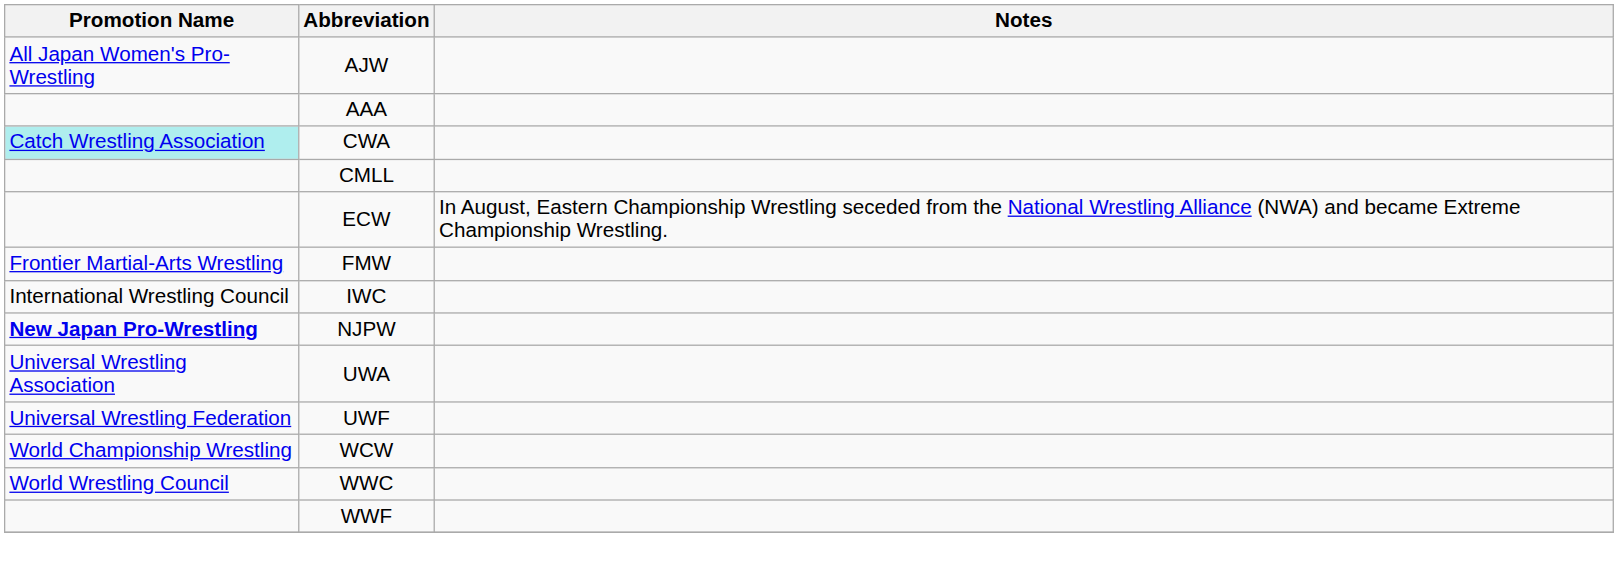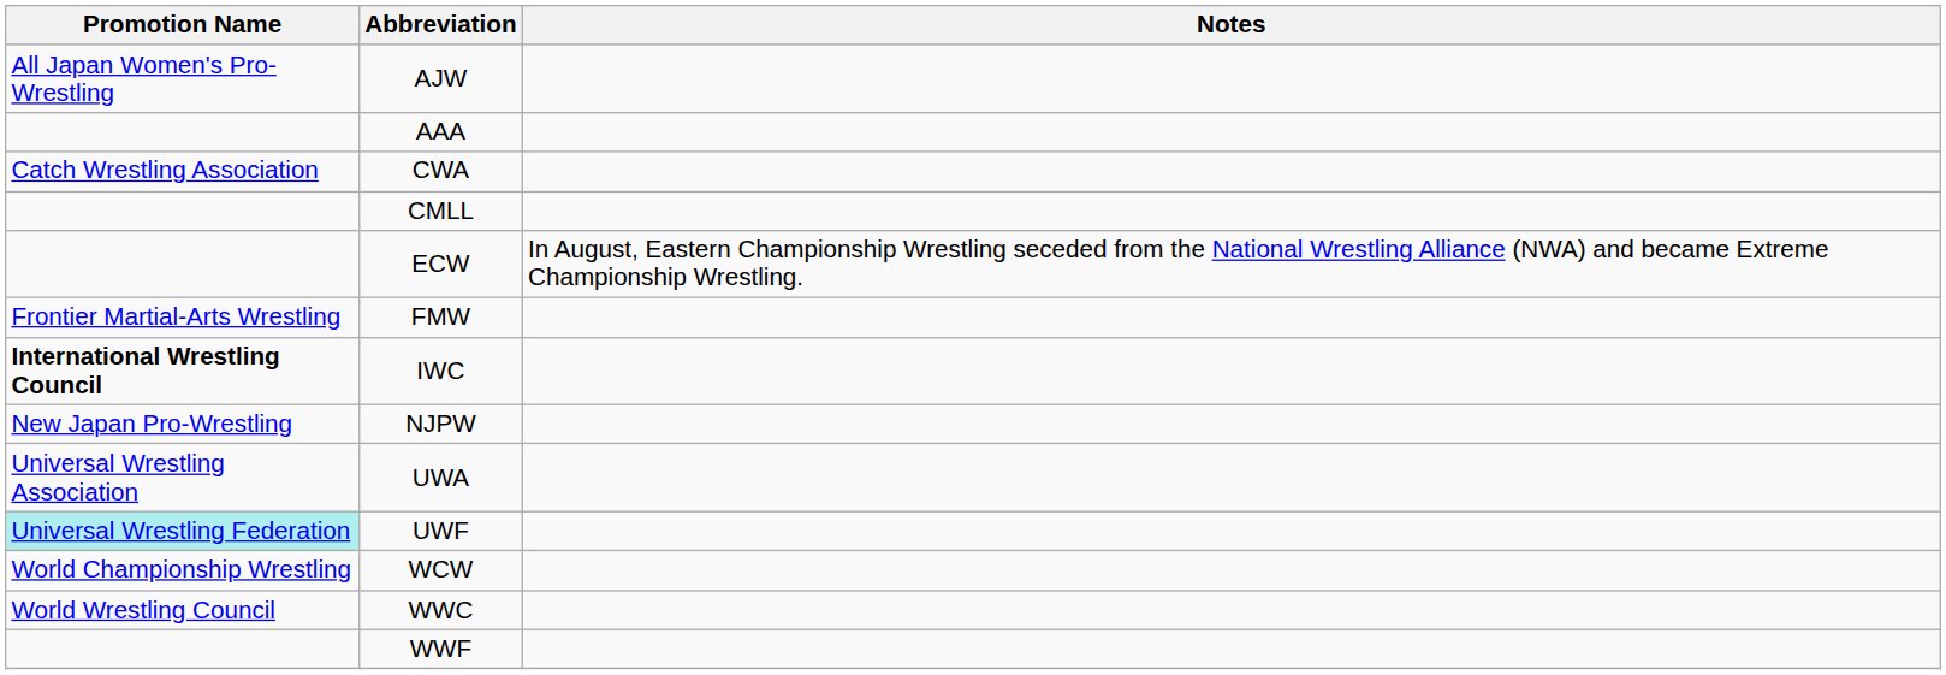 <table class="wikitable">
 <tr>
 <th>Promotion Name</th>
 <th>Abbreviation</th>
 <th>Notes</th>
 </tr>
 <tr>
 <td><a href='#'>All Japan Women's Pro-Wrestling</a></td>
 <td align=center>AJW</td>
 <td></td>
 </tr>
 <tr>
 <td></td>
 <td align=center>AAA</td>
 <td></td>
 </tr>
 <tr>
-<td style="background: paleturquoise;"><a href='#'>Catch Wrestling Association</a></td>
+<td><a href='#'>Catch Wrestling Association</a></td>
 <td align=center>CWA</td>
 <td></td>
 </tr>
 <tr>
 <td></td>
 <td align=center>CMLL</td>
 <td></td>
 </tr>
 <tr>
 <td></td>
 <td align=center>ECW</td>
 <td>In August, Eastern Championship Wrestling seceded from the <a href='#'>National Wrestling Alliance</a> (NWA) and became Extreme Championship Wrestling.</td>
 </tr>
 <tr>
 <td><a href='#'>Frontier Martial-Arts Wrestling</a></td>
 <td align=center>FMW</td>
 <td></td>
 </tr>
 <tr>
-<td>International Wrestling Council</td>
+<td><strong>International Wrestling Council</strong></td>
 <td align=center>IWC</td>
 <td></td>
 </tr>
 <tr>
-<td><strong><a href='#'>New Japan Pro-Wrestling</a></strong></td>
+<td><a href='#'>New Japan Pro-Wrestling</a></td>
 <td align=center>NJPW</td>
 <td></td>
 </tr>
 <tr>
 <td><a href='#'>Universal Wrestling Association</a></td>
 <td align=center>UWA</td>
 <td></td>
 </tr>
 <tr>
-<td><a href='#'>Universal Wrestling Federation</a></td>
+<td style="background: paleturquoise;"><a href='#'>Universal Wrestling Federation</a></td>
 <td align=center>UWF</td>
 <td></td>
 </tr>
 <tr>
 <td><a href='#'>World Championship Wrestling</a></td>
 <td align=center>WCW</td>
 <td></td>
 </tr>
 <tr>
 <td><a href='#'>World Wrestling Council</a></td>
 <td align=center>WWC</td>
 <td></td>
 </tr>
 <tr>
 <td></td>
 <td align=center>WWF</td>
 <td></td>
 </tr>
 <tr>
 </tr>
 </table>
